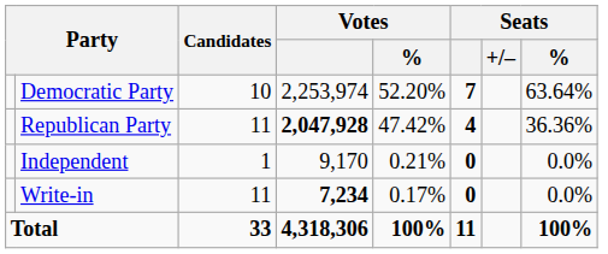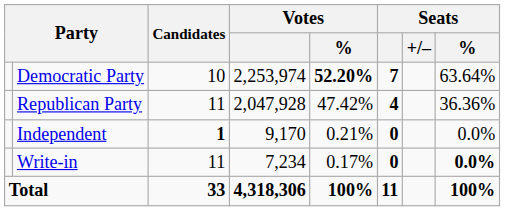 <table class="wikitable" style="font-size:100%; text-align:right;">
 <tr>
 <th colspan="2" rowspan="2">Party</th>
 <th rowspan="2"><small>Candi</small><small>dates</small></th>
 <th colspan="2">Votes</th>
 <th colspan="3">Seats</th>
 </tr>
 <tr>
 <th></th>
 <th>%</th>
 <th></th>
 <th>+/–</th>
 <th>%</th>
 </tr>
 <tr>
 <td style="background:"></td>
 <td align="left"><a href='#'>Democratic Party</a></td>
 <td>10</td>
 <td>2,253,974</td>
-<td>52.20%</td>
+<td><strong>52.20%</strong></td>
 <td><strong>7</strong></td>
 <td></td>
 <td>63.64%</td>
 </tr>
 <tr>
 <td style="background:"></td>
 <td align="left"><a href='#'>Republican Party</a></td>
 <td>11</td>
-<td><strong>2,047,928</strong></td>
+<td>2,047,928</td>
 <td>47.42%</td>
 <td><strong>4</strong></td>
 <td></td>
 <td>36.36%</td>
 </tr>
 <tr>
 <td style="background:"></td>
 <td align="left"><a href='#'>Independent</a></td>
-<td>1</td>
+<td><strong>1</strong></td>
 <td>9,170</td>
 <td>0.21%</td>
 <td><strong>0</strong></td>
 <td></td>
 <td>0.0%</td>
 </tr>
 <tr>
 <td style="background:"></td>
 <td align="left"><a href='#'>Write-in</a></td>
 <td>11</td>
-<td><strong>7,234</strong></td>
+<td>7,234</td>
 <td>0.17%</td>
 <td><strong>0</strong></td>
 <td></td>
-<td>0.0%</td>
+<td><strong>0.0%</strong></td>
 </tr>
 <tr style="font-weight:bold">
 <td colspan="2" align="left">Total</td>
 <td>33</td>
 <td>4,318,306</td>
 <td>100%</td>
 <td>11</td>
 <td></td>
 <td>100%</td>
 </tr>
 </table>
